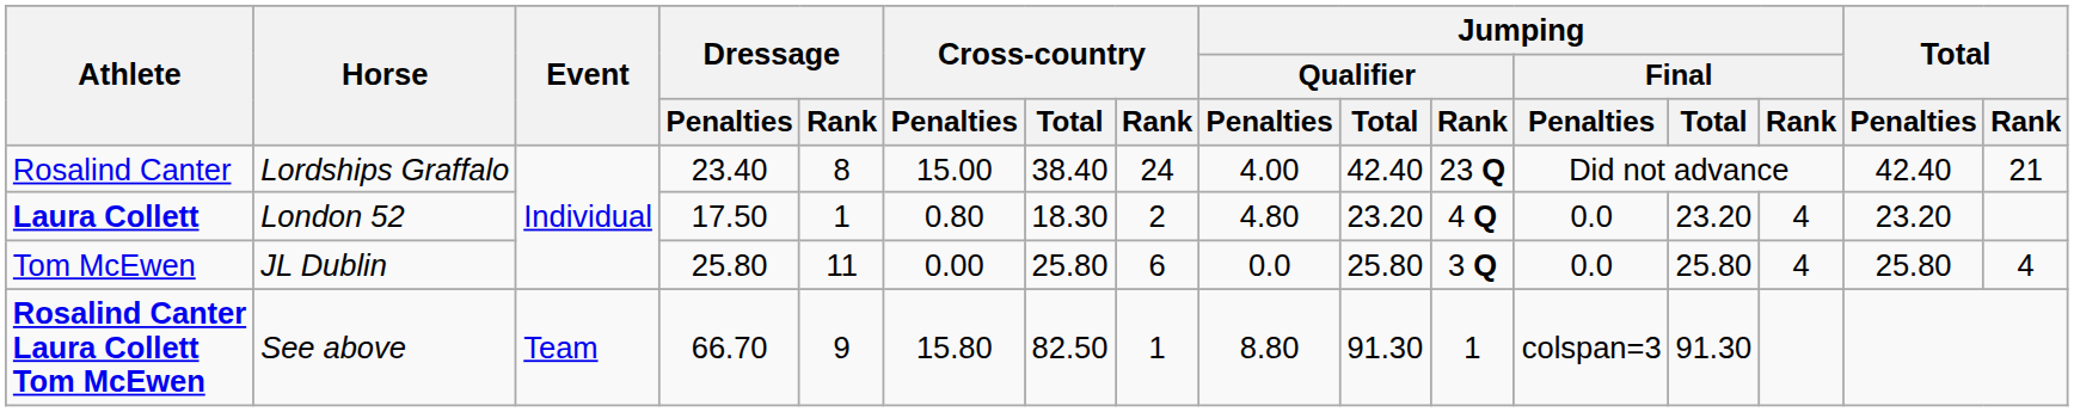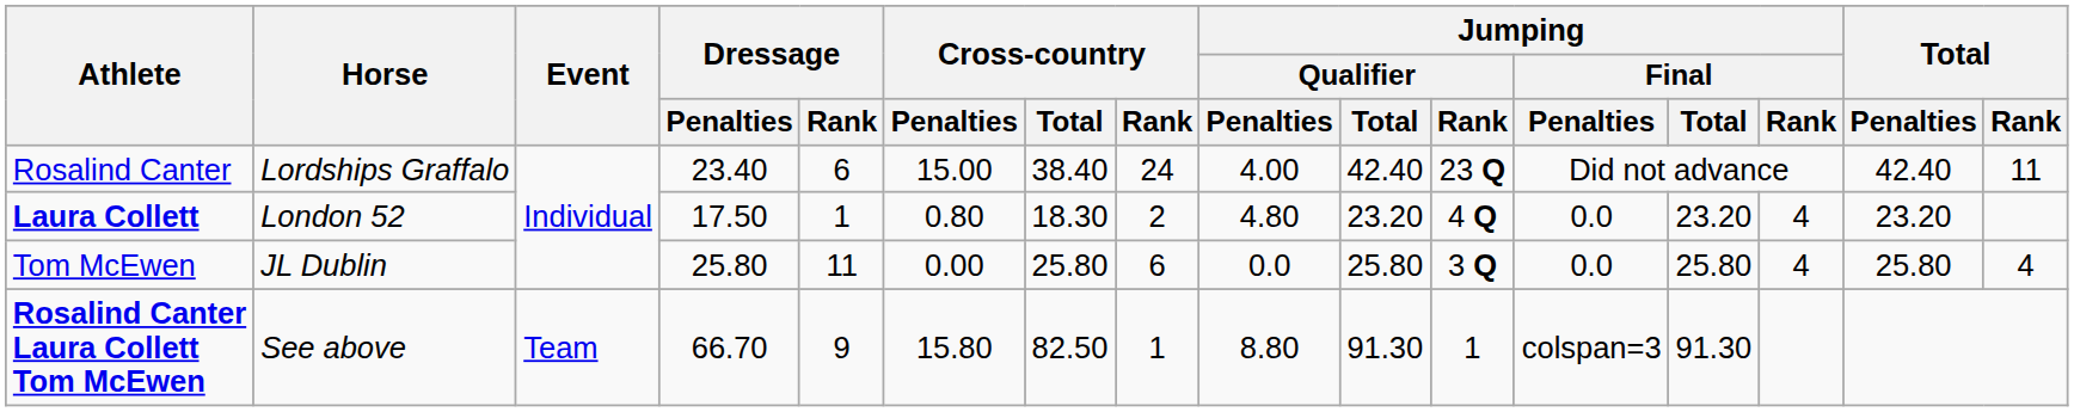 <table class=wikitable style="font-size:90%; text-align:center;">
 <tr>
 <th rowspan=3>Athlete</th>
 <th rowspan=3>Horse</th>
 <th rowspan=3>Event</th>
 <th colspan=2 rowspan=2>Dressage</th>
 <th colspan=3 rowspan=2>Cross-country</th>
 <th colspan=6>Jumping</th>
 <th colspan=2 rowspan=2>Total</th>
 </tr>
 <tr style=font-size:95%>
 <th colspan=3>Qualifier</th>
 <th colspan=3>Final</th>
 </tr>
 <tr style=font-size:95%>
 <th>Penalties</th>
 <th>Rank</th>
 <th>Penalties</th>
 <th>Total</th>
 <th>Rank</th>
 <th>Penalties</th>
 <th>Total</th>
 <th>Rank</th>
 <th>Penalties</th>
 <th>Total</th>
 <th>Rank</th>
 <th>Penalties</th>
 <th>Rank</th>
 </tr>
 <tr>
 <td align=left><a href='#'>Rosalind Canter</a></td>
 <td align=left><em>Lordships Graffalo</em></td>
 <td rowspan="3" align="left"><a href='#'>Individual</a></td>
 <td>23.40</td>
-<td>8</td>
+<td>6</td>
 <td>15.00</td>
 <td>38.40</td>
 <td>24</td>
 <td>4.00</td>
 <td>42.40</td>
 <td>23 <strong>Q</strong></td>
 <td colspan=3>Did not advance</td>
 <td>42.40</td>
-<td>21</td>
+<td>11</td>
 </tr>
 <tr>
 <td align=left><strong><a href='#'>Laura Collett</a></strong></td>
 <td align=left><em>London 52</em></td>
 <td>17.50</td>
 <td>1</td>
 <td>0.80</td>
 <td>18.30</td>
 <td>2</td>
 <td>4.80</td>
 <td>23.20</td>
 <td>4 <strong>Q</strong></td>
 <td>0.0</td>
 <td>23.20</td>
 <td>4</td>
 <td>23.20</td>
 <td></td>
 </tr>
 <tr>
 <td align=left><a href='#'>Tom McEwen</a></td>
 <td align=left><em>JL Dublin</em></td>
 <td>25.80</td>
 <td>11</td>
 <td>0.00</td>
 <td>25.80</td>
 <td>6</td>
 <td>0.0</td>
 <td>25.80</td>
 <td>3 <strong>Q</strong></td>
 <td>0.0</td>
 <td>25.80</td>
 <td>4</td>
 <td>25.80</td>
 <td>4</td>
 </tr>
 <tr>
 <td align=left><strong><a href='#'>Rosalind Canter</a><br><a href='#'>Laura Collett</a><br><a href='#'>Tom McEwen</a></strong></td>
 <td align=left><em>See above</em></td>
 <td align=left><a href='#'>Team</a></td>
 <td>66.70</td>
 <td>9</td>
 <td>15.80</td>
 <td>82.50</td>
 <td>1</td>
 <td>8.80</td>
 <td>91.30</td>
 <td>1</td>
 <td>colspan=3 </td>
 <td>91.30</td>
 <td></td>
 </tr>
 </table>
